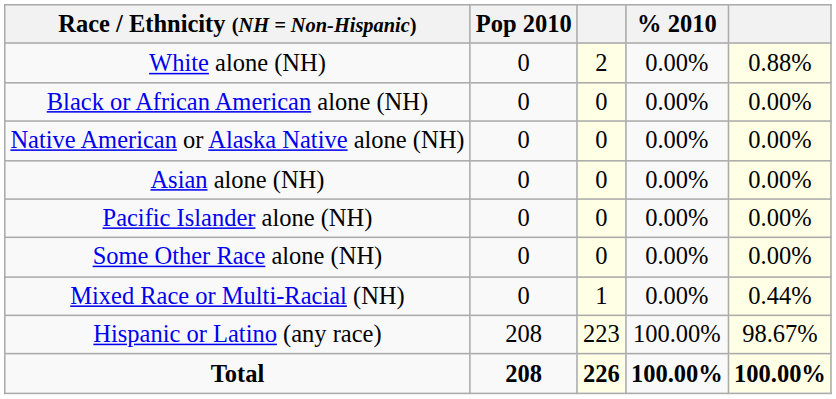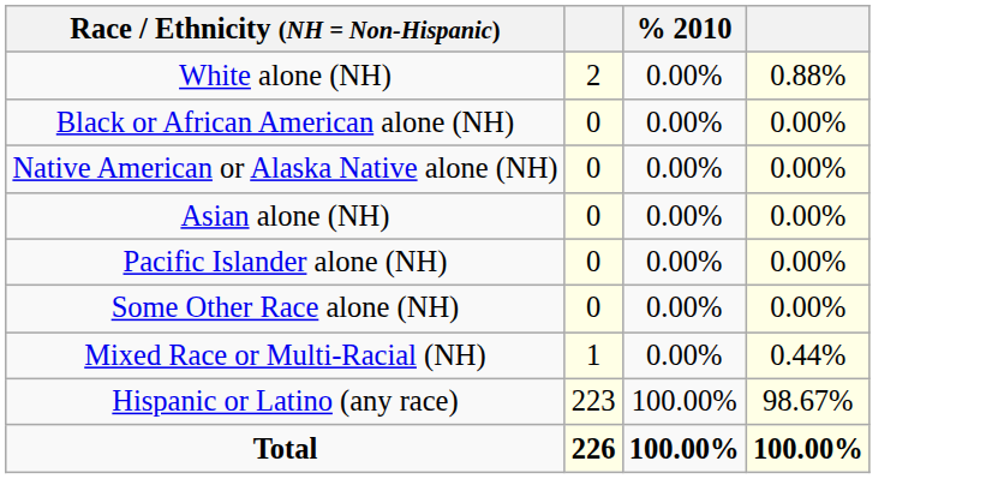 <table class="wikitable" style="text-align:center;">
 <tr>
 <th>Race / Ethnicity <small>(<em>NH = Non-Hispanic</em>)</small></th>
-<th>Pop 2010</th>
 <th></th>
 <th>% 2010</th>
 <th></th>
 </tr>
 <tr>
 <td><a href='#'>White</a> alone (NH)</td>
-<td>0</td>
 <td style='background: #ffffe6;'>2</td>
 <td>0.00%</td>
 <td style='background: #ffffe6;'>0.88%</td>
 </tr>
 <tr>
 <td><a href='#'>Black or African American</a> alone (NH)</td>
-<td>0</td>
 <td style='background: #ffffe6;'>0</td>
 <td>0.00%</td>
 <td style='background: #ffffe6;'>0.00%</td>
 </tr>
 <tr>
 <td><a href='#'>Native American</a> or <a href='#'>Alaska Native</a> alone (NH)</td>
-<td>0</td>
 <td style='background: #ffffe6;'>0</td>
 <td>0.00%</td>
 <td style='background: #ffffe6;'>0.00%</td>
 </tr>
 <tr>
 <td><a href='#'>Asian</a> alone (NH)</td>
-<td>0</td>
 <td style='background: #ffffe6;'>0</td>
 <td>0.00%</td>
 <td style='background: #ffffe6;'>0.00%</td>
 </tr>
 <tr>
 <td><a href='#'>Pacific Islander</a> alone (NH)</td>
-<td>0</td>
 <td style='background: #ffffe6;'>0</td>
 <td>0.00%</td>
 <td style='background: #ffffe6;'>0.00%</td>
 </tr>
 <tr>
 <td><a href='#'>Some Other Race</a> alone (NH)</td>
-<td>0</td>
 <td style='background: #ffffe6;'>0</td>
 <td>0.00%</td>
 <td style='background: #ffffe6;'>0.00%</td>
 </tr>
 <tr>
 <td><a href='#'>Mixed Race or Multi-Racial</a> (NH)</td>
-<td>0</td>
 <td style='background: #ffffe6;'>1</td>
 <td>0.00%</td>
 <td style='background: #ffffe6;'>0.44%</td>
 </tr>
 <tr>
 <td><a href='#'>Hispanic or Latino</a> (any race)</td>
-<td>208</td>
 <td style='background: #ffffe6;'>223</td>
 <td>100.00%</td>
 <td style='background: #ffffe6;'>98.67%</td>
 </tr>
 <tr>
 <td><strong>Total</strong></td>
-<td><strong>208</strong></td>
 <td style='background: #ffffe6;'><strong>226</strong></td>
 <td><strong>100.00%</strong></td>
 <td style='background: #ffffe6;'><strong>100.00%</strong></td>
 </tr>
 </table>
